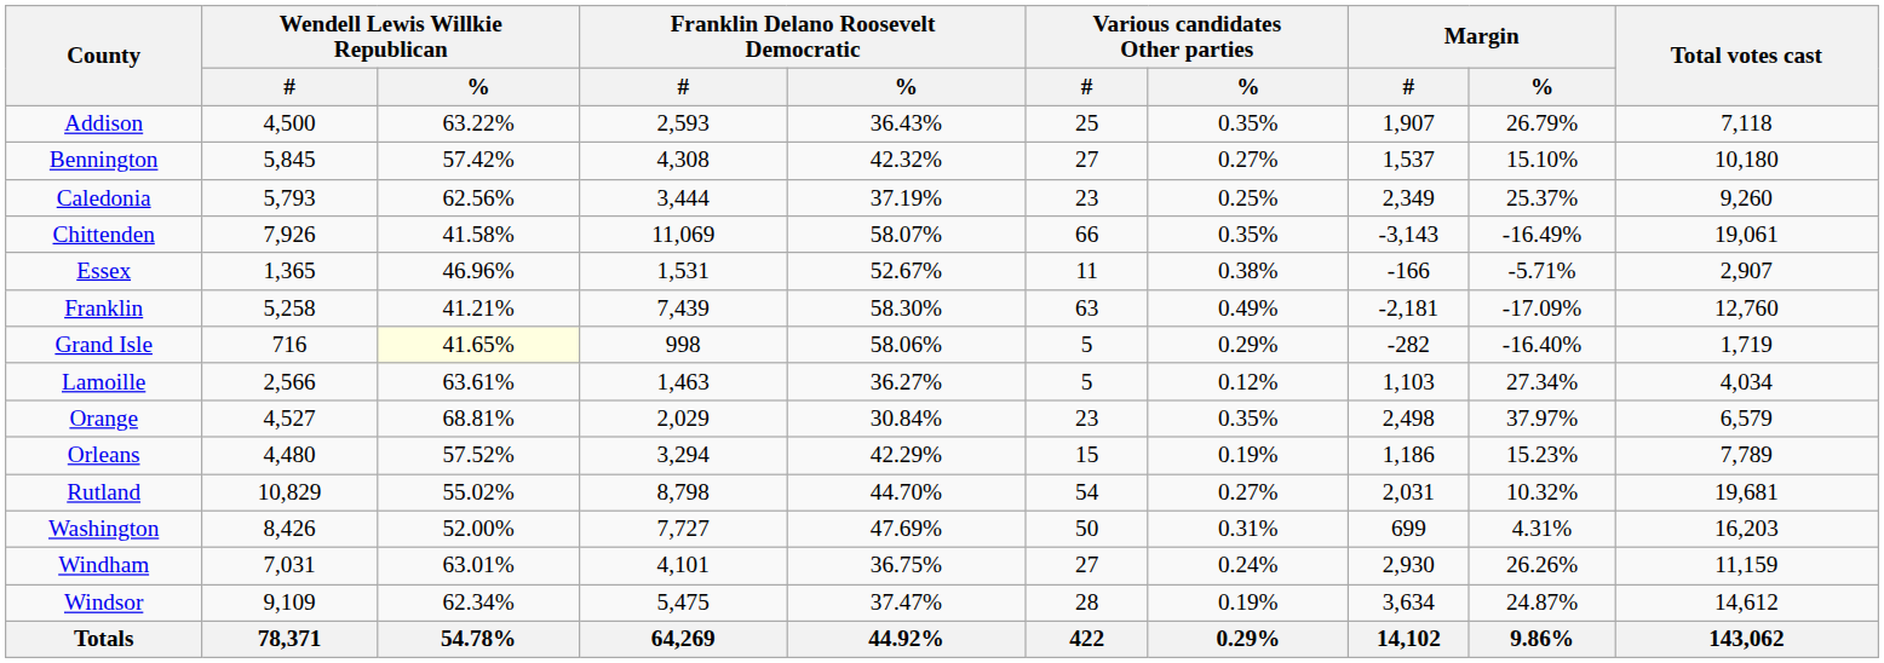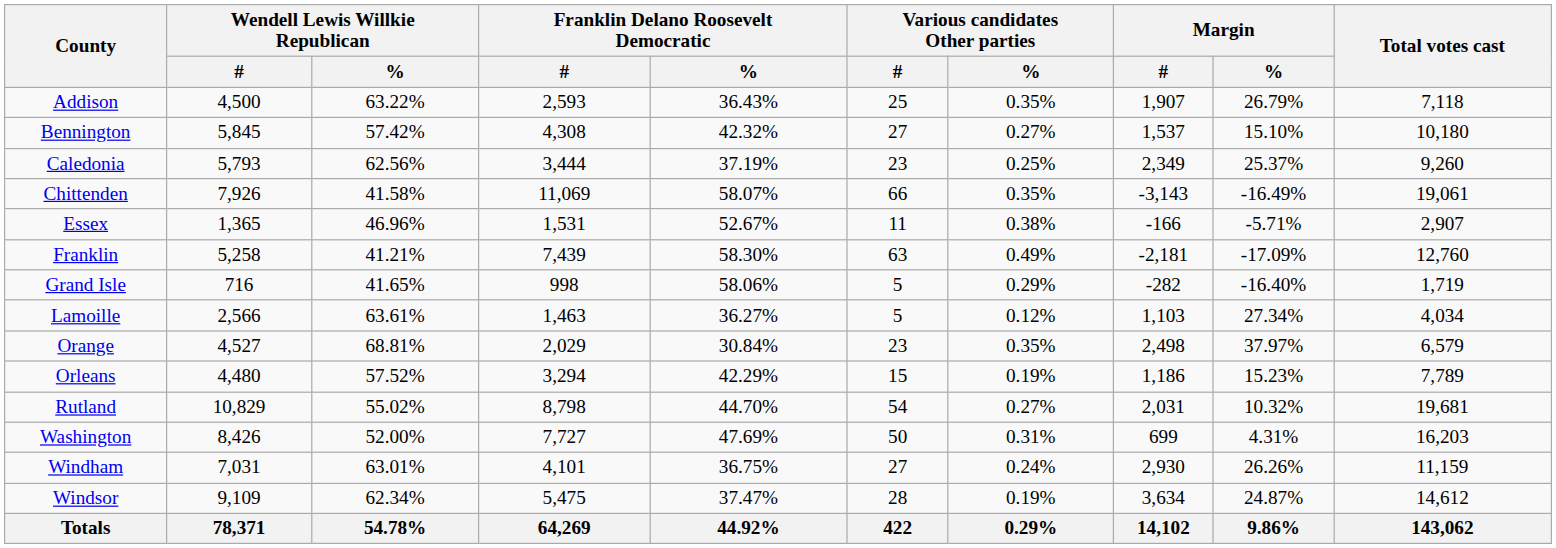 <table width="65%"  class="wikitable sortable" style="text-align:center">
 <tr>
 <th colspan="1" rowspan="2">County</th>
 <th style="text-align:center;" colspan="2">Wendell Lewis Willkie<br>Republican</th>
 <th style="text-align:center;" colspan="2">Franklin Delano Roosevelt<br>Democratic</th>
 <th style="text-align:center;" colspan="2">Various candidates<br>Other parties</th>
 <th style="text-align:center;" colspan="2">Margin</th>
 <th colspan="1" rowspan="2" style="text-align:center;">Total votes cast</th>
 </tr>
 <tr>
 <th style="text-align:center;" data-sort-type="number">#</th>
 <th style="text-align:center;" data-sort-type="number">%</th>
 <th style="text-align:center;" data-sort-type="number">#</th>
 <th style="text-align:center;" data-sort-type="number">%</th>
 <th style="text-align:center;" data-sort-type="number">#</th>
 <th style="text-align:center;" data-sort-type="number">%</th>
 <th style="text-align:center;" data-sort-type="number">#</th>
 <th style="text-align:center;" data-sort-type="number">%</th>
 </tr>
 <tr style="text-align:center;">
 <td><a href='#'>Addison</a></td>
 <td>4,500</td>
 <td>63.22%</td>
 <td>2,593</td>
 <td>36.43%</td>
 <td>25</td>
 <td>0.35%</td>
 <td>1,907</td>
 <td>26.79%</td>
 <td>7,118</td>
 </tr>
 <tr style="text-align:center;">
 <td><a href='#'>Bennington</a></td>
 <td>5,845</td>
 <td>57.42%</td>
 <td>4,308</td>
 <td>42.32%</td>
 <td>27</td>
 <td>0.27%</td>
 <td>1,537</td>
 <td>15.10%</td>
 <td>10,180</td>
 </tr>
 <tr style="text-align:center;">
 <td><a href='#'>Caledonia</a></td>
 <td>5,793</td>
 <td>62.56%</td>
 <td>3,444</td>
 <td>37.19%</td>
 <td>23</td>
 <td>0.25%</td>
 <td>2,349</td>
 <td>25.37%</td>
 <td>9,260</td>
 </tr>
 <tr style="text-align:center;">
 <td><a href='#'>Chittenden</a></td>
 <td>7,926</td>
 <td>41.58%</td>
 <td>11,069</td>
 <td>58.07%</td>
 <td>66</td>
 <td>0.35%</td>
 <td>-3,143</td>
 <td>-16.49%</td>
 <td>19,061</td>
 </tr>
 <tr style="text-align:center;">
 <td><a href='#'>Essex</a></td>
 <td>1,365</td>
 <td>46.96%</td>
 <td>1,531</td>
 <td>52.67%</td>
 <td>11</td>
 <td>0.38%</td>
 <td>-166</td>
 <td>-5.71%</td>
 <td>2,907</td>
 </tr>
 <tr style="text-align:center;">
 <td><a href='#'>Franklin</a></td>
 <td>5,258</td>
 <td>41.21%</td>
 <td>7,439</td>
 <td>58.30%</td>
 <td>63</td>
 <td>0.49%</td>
 <td>-2,181</td>
 <td>-17.09%</td>
 <td>12,760</td>
 </tr>
 <tr style="text-align:center;">
 <td><a href='#'>Grand Isle</a></td>
 <td>716</td>
-<td style="background: lightyellow;">41.65%</td>
+<td>41.65%</td>
 <td>998</td>
 <td>58.06%</td>
 <td>5</td>
 <td>0.29%</td>
 <td>-282</td>
 <td>-16.40%</td>
 <td>1,719</td>
 </tr>
 <tr style="text-align:center;">
 <td><a href='#'>Lamoille</a></td>
 <td>2,566</td>
 <td>63.61%</td>
 <td>1,463</td>
 <td>36.27%</td>
 <td>5</td>
 <td>0.12%</td>
 <td>1,103</td>
 <td>27.34%</td>
 <td>4,034</td>
 </tr>
 <tr style="text-align:center;">
 <td><a href='#'>Orange</a></td>
 <td>4,527</td>
 <td>68.81%</td>
 <td>2,029</td>
 <td>30.84%</td>
 <td>23</td>
 <td>0.35%</td>
 <td>2,498</td>
 <td>37.97%</td>
 <td>6,579</td>
 </tr>
 <tr style="text-align:center;">
 <td><a href='#'>Orleans</a></td>
 <td>4,480</td>
 <td>57.52%</td>
 <td>3,294</td>
 <td>42.29%</td>
 <td>15</td>
 <td>0.19%</td>
 <td>1,186</td>
 <td>15.23%</td>
 <td>7,789</td>
 </tr>
 <tr style="text-align:center;">
 <td><a href='#'>Rutland</a></td>
 <td>10,829</td>
 <td>55.02%</td>
 <td>8,798</td>
 <td>44.70%</td>
 <td>54</td>
 <td>0.27%</td>
 <td>2,031</td>
 <td>10.32%</td>
 <td>19,681</td>
 </tr>
 <tr style="text-align:center;">
 <td><a href='#'>Washington</a></td>
 <td>8,426</td>
 <td>52.00%</td>
 <td>7,727</td>
 <td>47.69%</td>
 <td>50</td>
 <td>0.31%</td>
 <td>699</td>
 <td>4.31%</td>
 <td>16,203</td>
 </tr>
 <tr style="text-align:center;">
 <td><a href='#'>Windham</a></td>
 <td>7,031</td>
 <td>63.01%</td>
 <td>4,101</td>
 <td>36.75%</td>
 <td>27</td>
 <td>0.24%</td>
 <td>2,930</td>
 <td>26.26%</td>
 <td>11,159</td>
 </tr>
 <tr style="text-align:center;">
 <td><a href='#'>Windsor</a></td>
 <td>9,109</td>
 <td>62.34%</td>
 <td>5,475</td>
 <td>37.47%</td>
 <td>28</td>
 <td>0.19%</td>
 <td>3,634</td>
 <td>24.87%</td>
 <td>14,612</td>
 </tr>
 <tr style="text-align:center;">
 <th>Totals</th>
 <th>78,371</th>
 <th>54.78%</th>
 <th>64,269</th>
 <th>44.92%</th>
 <th>422</th>
 <th>0.29%</th>
 <th>14,102</th>
 <th>9.86%</th>
 <th>143,062</th>
 </tr>
 </table>
